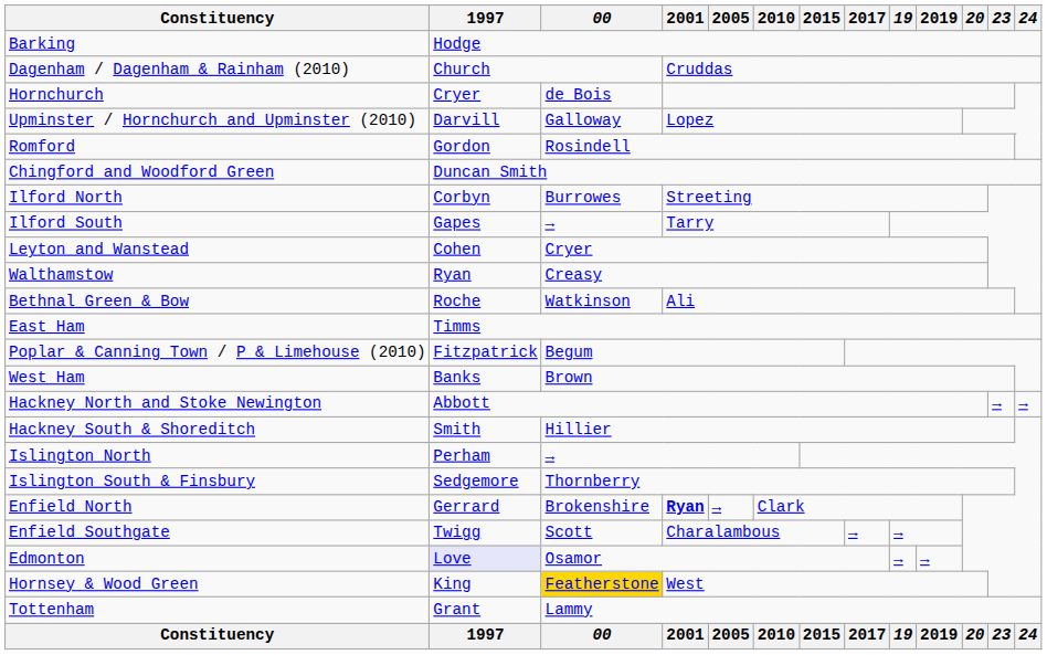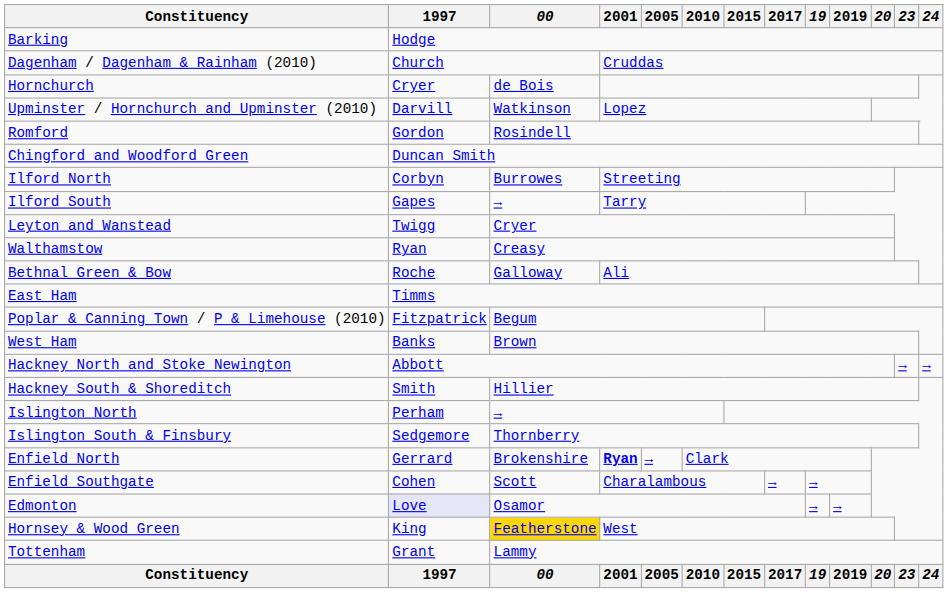 <table class="wikitable">
 <tr>
 <th>Constituency</th>
 <th>1997</th>
 <th><em>00</em></th>
 <th>2001</th>
 <th>2005</th>
 <th>2010</th>
 <th>2015</th>
 <th>2017</th>
 <th><em>19</em></th>
 <th>2019</th>
 <th><em>20</em></th>
 <th><em>23</em></th>
 <th colspan=2><em>24</em></th>
 </tr>
 <tr>
 <td><a href='#'>Barking</a></td>
 <td colspan="13"><a href='#'>Hodge</a></td>
 </tr>
 <tr>
 <td><a href='#'>Dagenham</a> / <a href='#'>Dagenham & Rainham</a> (2010)</td>
 <td colspan="2"><a href='#'>Church</a></td>
 <td colspan="11"><a href='#'>Cruddas</a></td>
 </tr>
 <tr>
 <td><a href='#'>Hornchurch</a></td>
 <td><a href='#'>Cryer</a></td>
 <td><a href='#'>de Bois</a></td>
 <td colspan="9"></td>
 </tr>
 <tr>
 <td><a href='#'>Upminster</a> / <a href='#'>Hornchurch and Upminster</a> (2010)</td>
 <td><a href='#'>Darvill</a></td>
-<td><a href='#'>Galloway</a></td>
+<td><a href='#'>Watkinson</a></td>
 <td colspan="7"><a href='#'>Lopez</a></td>
 </tr>
 <tr>
 <td><a href='#'>Romford</a></td>
 <td><a href='#'>Gordon</a></td>
 <td colspan="11"><a href='#'>Rosindell</a></td>
 </tr>
 <tr>
 <td><a href='#'>Chingford and Woodford Green</a></td>
 <td colspan="13"><a href='#'>Duncan Smith</a></td>
 </tr>
 <tr>
 <td><a href='#'>Ilford North</a></td>
 <td><a href='#'>Corbyn</a></td>
 <td><a href='#'>Burrowes</a></td>
 <td colspan="8"><a href='#'>Streeting</a></td>
 </tr>
 <tr>
 <td><a href='#'>Ilford South</a></td>
 <td><a href='#'>Gapes</a></td>
 <td><a href='#'>→</a></td>
 <td colspan="5"><a href='#'>Tarry</a></td>
 </tr>
 <tr>
 <td><a href='#'>Leyton and Wanstead</a></td>
-<td><a href='#'>Cohen</a></td>
+<td><a href='#'>Twigg</a></td>
 <td colspan="9"><a href='#'>Cryer</a></td>
 </tr>
 <tr>
 <td><a href='#'>Walthamstow</a></td>
 <td><a href='#'>Ryan</a></td>
 <td colspan="9"><a href='#'>Creasy</a></td>
 </tr>
 <tr>
 <td><a href='#'>Bethnal Green & Bow</a></td>
 <td><a href='#'>Roche</a></td>
-<td><a href='#'>Watkinson</a></td>
+<td><a href='#'>Galloway</a></td>
 <td colspan="9"><a href='#'>Ali</a></td>
 </tr>
 <tr>
 <td><a href='#'>East Ham</a></td>
 <td colspan="13"><a href='#'>Timms</a></td>
 </tr>
 <tr>
 <td><a href='#'>Poplar & Canning Town</a> / <a href='#'>P & Limehouse</a> (2010)</td>
 <td><a href='#'>Fitzpatrick</a></td>
 <td colspan="5"><a href='#'>Begum</a></td>
 </tr>
 <tr>
 <td><a href='#'>West Ham</a></td>
 <td><a href='#'>Banks</a></td>
 <td colspan="10"><a href='#'>Brown</a></td>
 </tr>
 <tr>
 <td><a href='#'>Hackney North and Stoke Newington</a></td>
 <td colspan="10"><a href='#'>Abbott</a></td>
 <td colspan="2"><a href='#'>→</a></td>
 <td colspan="1"><a href='#'>→</a></td>
 </tr>
 <tr>
 <td><a href='#'>Hackney South & Shoreditch</a></td>
 <td><a href='#'>Smith</a></td>
 <td colspan="10"><a href='#'>Hillier</a></td>
 </tr>
 <tr>
 <td><a href='#'>Islington North</a></td>
 <td><a href='#'>Perham</a></td>
 <td colspan="4"><a href='#'>→</a></td>
 </tr>
 <tr>
 <td><a href='#'>Islington South & Finsbury</a></td>
 <td><a href='#'>Sedgemore</a></td>
 <td colspan="10"><a href='#'>Thornberry</a></td>
 </tr>
 <tr>
 <td><a href='#'>Enfield North</a></td>
 <td><a href='#'>Gerrard</a></td>
 <td><a href='#'>Brokenshire</a></td>
 <td><strong><a href='#'>Ryan</a></strong></td>
 <td><a href='#'>→</a></td>
 <td colspan="5"><a href='#'>Clark</a></td>
 </tr>
 <tr>
 <td><a href='#'>Enfield Southgate</a></td>
-<td><a href='#'>Twigg</a></td>
+<td><a href='#'>Cohen</a></td>
 <td><a href='#'>Scott</a></td>
 <td colspan="4"><a href='#'>Charalambous</a></td>
 <td><a href='#'>→</a></td>
 <td colspan="2"><a href='#'>→</a></td>
 </tr>
 <tr>
 <td><a href='#'>Edmonton</a></td>
 <td style="background: lavender;"><a href='#'>Love</a></td>
 <td colspan="6"><a href='#'>Osamor</a></td>
 <td><a href='#'>→</a></td>
 <td colspan="1"><a href='#'>→</a></td>
 </tr>
 <tr>
 <td><a href='#'>Hornsey & Wood Green</a></td>
 <td><a href='#'>King</a></td>
 <td style="background: gold;"><a href='#'>Featherstone</a></td>
 <td colspan="8"><a href='#'>West</a></td>
 </tr>
 <tr>
 <td><a href='#'>Tottenham</a></td>
 <td><a href='#'>Grant</a></td>
 <td colspan="12"><a href='#'>Lammy</a></td>
 </tr>
 <tr>
 <th>Constituency</th>
 <th>1997</th>
 <th><em>00</em></th>
 <th>2001</th>
 <th>2005</th>
 <th>2010</th>
 <th>2015</th>
 <th>2017</th>
 <th><em>19</em></th>
 <th>2019</th>
 <th><em>20</em></th>
 <th><em>23</em></th>
 <th colspan="2"><em>24</em></th>
 </tr>
 </table>
